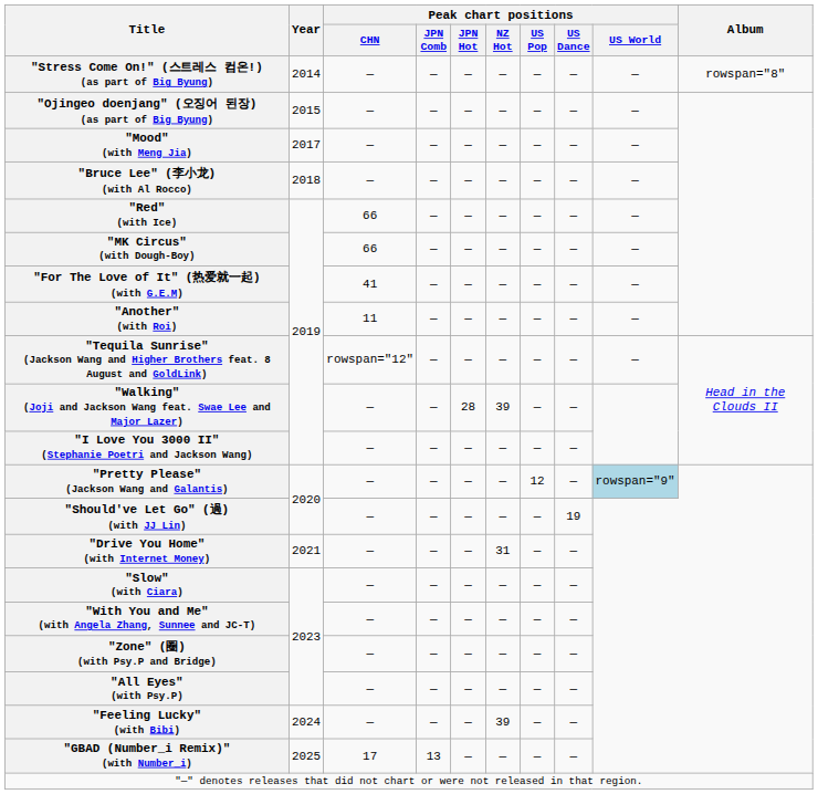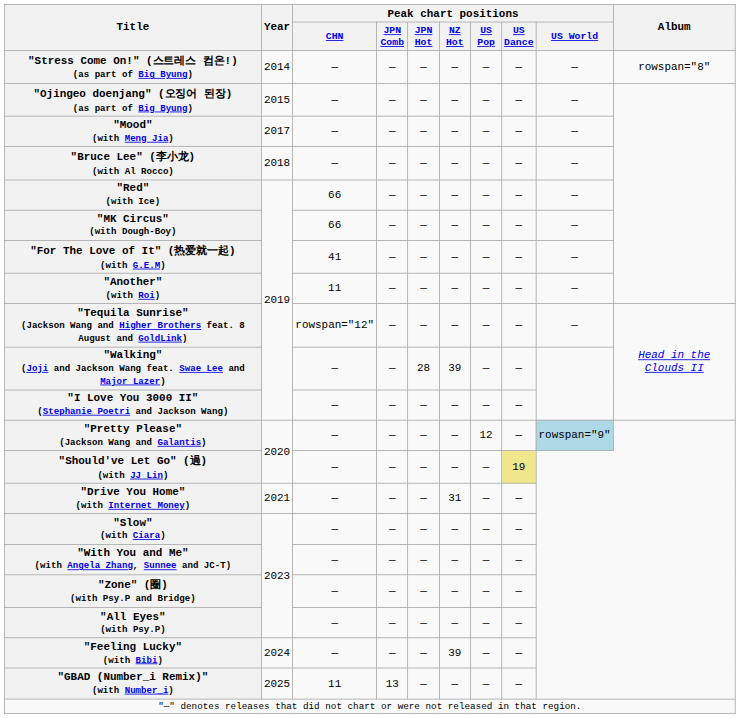 <table class="wikitable plainrowheaders" style="text-align:center;">
 <tr>
 <th scope="col" rowspan="2">Title</th>
 <th scope="col" rowspan="2">Year</th>
 <th colspan="7" scope="col">Peak chart positions</th>
 <th scope="col" rowspan="2">Album</th>
 </tr>
 <tr>
 <th scope="col" style="width:2.7em;font-size:90%;"><a href='#'>CHN</a><br></th>
 <th scope="col" style="width:2.7em;font-size:90%;"><a href='#'>JPN<br>Comb</a><br></th>
 <th scope="col" style="width:2.7em;font-size:90%;"><a href='#'>JPN<br>Hot</a><br></th>
 <th scope="col" style="width:2.7em;font-size:90%;"><a href='#'>NZ Hot</a><br></th>
 <th scope="col" style="width:2.7em;font-size:90%;"><a href='#'>US<br>Pop</a><br></th>
 <th scope="col" style="width:2.7em;font-size:90%;"><a href='#'>US<br>Dance</a><br></th>
 <th scope="col" style="width:2.7em;font-size:90%;"><a href='#'>US World</a><br></th>
 </tr>
 <tr>
 <th scope="row">"Stress Come On!" (스트레스 컴온!) <br><small>(as part of <a href='#'>Big Byung</a>)</small></th>
 <td>2014</td>
 <td>—</td>
 <td>—</td>
 <td>—</td>
 <td>—</td>
 <td>—</td>
 <td>—</td>
 <td>—</td>
 <td>rowspan="8" </td>
 </tr>
 <tr>
 <th scope="row">"Ojingeo doenjang" (오징어 된장) <br><small>(as part of <a href='#'>Big Byung</a>)</small></th>
 <td>2015</td>
 <td>—</td>
 <td>—</td>
 <td>—</td>
 <td>—</td>
 <td>—</td>
 <td>—</td>
 <td>—</td>
 </tr>
 <tr>
 <th scope="row">"Mood" <br><small>(with <a href='#'>Meng Jia</a>)</small></th>
 <td>2017</td>
 <td>—</td>
 <td>—</td>
 <td>—</td>
 <td>—</td>
 <td>—</td>
 <td>—</td>
 <td>—</td>
 </tr>
 <tr>
 <th scope="row">"Bruce Lee" (李小龙) <br><small>(with Al Rocco)</small></th>
 <td>2018</td>
 <td>—</td>
 <td>—</td>
 <td>—</td>
 <td>—</td>
 <td>—</td>
 <td>—</td>
 <td>—</td>
 </tr>
 <tr>
 <th scope="row">"Red" <br><small>(with Ice)</small></th>
 <td rowspan="7">2019</td>
 <td>66</td>
 <td>—</td>
 <td>—</td>
 <td>—</td>
 <td>—</td>
 <td>—</td>
 <td>—</td>
 </tr>
 <tr>
 <th scope="row">"MK Circus" <br><small>(with Dough-Boy)</small></th>
 <td>66</td>
 <td>—</td>
 <td>—</td>
 <td>—</td>
 <td>—</td>
 <td>—</td>
 <td>—</td>
 </tr>
 <tr>
 <th scope="row">"For The Love of It" (热爱就一起) <br><small>(with <a href='#'>G.E.M</a>)</small></th>
 <td>41</td>
 <td>—</td>
 <td>—</td>
 <td>—</td>
 <td>—</td>
 <td>—</td>
 <td>—</td>
 </tr>
 <tr>
 <th scope="row">"Another" <br><small>(with <a href='#'>Roi</a>)</small></th>
 <td>11</td>
 <td>—</td>
 <td>—</td>
 <td>—</td>
 <td>—</td>
 <td>—</td>
 <td>—</td>
 </tr>
 <tr>
 <th scope="row">"Tequila Sunrise" <br><small>(Jackson Wang and <a href='#'>Higher Brothers</a> feat. 8 August and <a href='#'>GoldLink</a>)</small></th>
 <td>rowspan="12" </td>
 <td>—</td>
 <td>—</td>
 <td>—</td>
 <td>—</td>
 <td>—</td>
 <td>—</td>
 <td rowspan=3><em><a href='#'>Head in the Clouds II</a></em></td>
 </tr>
 <tr>
 <th scope="row">"Walking" <br><small>(<a href='#'>Joji</a> and Jackson Wang feat. <a href='#'>Swae Lee</a> and <a href='#'>Major Lazer</a>)</small></th>
 <td>—</td>
 <td>—</td>
 <td>28</td>
 <td>39</td>
 <td>—</td>
 <td>—</td>
 </tr>
 <tr>
 <th scope="row">"I Love You 3000 II" <br><small>(<a href='#'>Stephanie Poetri</a> and Jackson Wang)</small></th>
 <td>—</td>
 <td>—</td>
 <td>—</td>
 <td>—</td>
 <td>—</td>
 <td>—</td>
 </tr>
 <tr>
 <th scope="row">"Pretty Please" <br><small>(Jackson Wang and <a href='#'>Galantis</a>)</small></th>
 <td rowspan="2">2020</td>
 <td>—</td>
 <td>—</td>
 <td>—</td>
 <td>—</td>
 <td>12</td>
 <td>—</td>
 <td style="background: lightblue;">rowspan="9" </td>
 </tr>
 <tr>
 <th scope="row">"Should've Let Go" (過) <br><small>(with <a href='#'>JJ Lin</a>)</small></th>
 <td>—</td>
 <td>—</td>
 <td>—</td>
 <td>—</td>
 <td>—</td>
-<td>19</td>
+<td style="background: khaki;">19</td>
 </tr>
 <tr>
 <th scope="row">"Drive You Home" <br><small>(with <a href='#'>Internet Money</a>)</small></th>
 <td>2021</td>
 <td>—</td>
 <td>—</td>
 <td>—</td>
 <td>31</td>
 <td>—</td>
 <td>—</td>
 </tr>
 <tr>
 <th scope="row">"Slow"<br><small>(with <a href='#'>Ciara</a>)</small></th>
 <td rowspan="4">2023</td>
 <td>—</td>
 <td>—</td>
 <td>—</td>
 <td>—</td>
 <td>—</td>
 <td>—</td>
 </tr>
 <tr>
 <th scope="row">"With You and Me"<br><small>(with <a href='#'>Angela Zhang</a>, <a href='#'>Sunnee</a> and JC-T)</small></th>
 <td>—</td>
 <td>—</td>
 <td>—</td>
 <td>—</td>
 <td>—</td>
 <td>—</td>
 </tr>
 <tr>
 <th scope="row">"Zone" (圈)<br><small>(with Psy.P and Bridge)</small></th>
 <td>—</td>
 <td>—</td>
 <td>—</td>
 <td>—</td>
 <td>—</td>
 <td>—</td>
 </tr>
 <tr>
 <th scope="row">"All Eyes"<br><small>(with Psy.P)</small></th>
 <td>—</td>
 <td>—</td>
 <td>—</td>
 <td>—</td>
 <td>—</td>
 <td>—</td>
 </tr>
 <tr>
 <th scope="row">"Feeling Lucky"<br><small>(with <a href='#'>Bibi</a>)</small></th>
 <td>2024</td>
 <td>—</td>
 <td>—</td>
 <td>—</td>
 <td>39</td>
 <td>—</td>
 <td>—</td>
 </tr>
 <tr>
 <th scope="row">"GBAD (Number_i Remix)"<br><small>(with <a href='#'>Number_i</a>)</small></th>
 <td>2025</td>
-<td>17</td>
+<td>11</td>
 <td>13</td>
 <td>—</td>
 <td>—</td>
 <td>—</td>
 <td>—</td>
 </tr>
 <tr>
 <td colspan="11" style="font-size:85%">"—" denotes releases that did not chart or were not released in that region.</td>
 </tr>
 </table>
